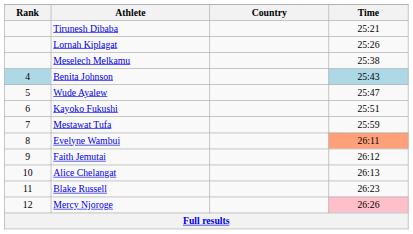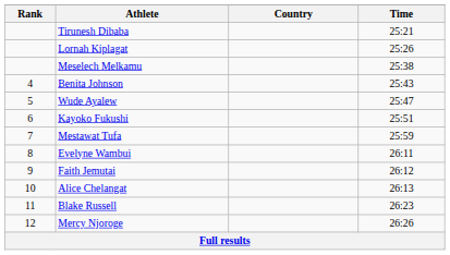 <table class="wikitable sortable" style=" text-align:center; font-size:95%;" width="50%">
 <tr>
 </tr>
 <tr>
 <th width=5%>Rank</th>
 <th width=20%>Athlete</th>
 <th width=15%>Country</th>
 <th width=10%>Time</th>
 </tr>
 <tr>
 <td align=center></td>
 <td align=left><a href='#'>Tirunesh Dibaba</a></td>
 <td align=left></td>
 <td>25:21</td>
 </tr>
 <tr>
 <td align=center></td>
 <td align=left><a href='#'>Lornah Kiplagat</a></td>
 <td align=left></td>
 <td>25:26</td>
 </tr>
 <tr>
 <td align=center></td>
 <td align=left><a href='#'>Meselech Melkamu</a></td>
 <td align=left></td>
 <td>25:38</td>
 </tr>
 <tr>
-<td align=center style="background: lightblue;">4</td>
+<td align=center>4</td>
 <td align=left><a href='#'>Benita Johnson</a></td>
 <td align=left></td>
-<td style="background: lightblue;">25:43</td>
+<td>25:43</td>
 </tr>
 <tr>
 <td align=center>5</td>
 <td align=left><a href='#'>Wude Ayalew</a></td>
 <td align=left></td>
 <td>25:47</td>
 </tr>
 <tr>
 <td align=center>6</td>
 <td align=left><a href='#'>Kayoko Fukushi</a></td>
 <td align=left></td>
 <td>25:51</td>
 </tr>
 <tr>
 <td align=center>7</td>
 <td align=left><a href='#'>Mestawat Tufa</a></td>
 <td align=left></td>
 <td>25:59</td>
 </tr>
 <tr>
 <td align=center>8</td>
 <td align=left><a href='#'>Evelyne Wambui</a></td>
 <td align=left></td>
-<td style="background: lightsalmon;">26:11</td>
+<td>26:11</td>
 </tr>
 <tr>
 <td align=center>9</td>
 <td align=left><a href='#'>Faith Jemutai</a></td>
 <td align=left></td>
 <td>26:12</td>
 </tr>
 <tr>
 <td align=center>10</td>
 <td align=left><a href='#'>Alice Chelangat</a></td>
 <td align=left></td>
 <td>26:13</td>
 </tr>
 <tr>
 <td align=center>11</td>
 <td align=left><a href='#'>Blake Russell</a></td>
 <td align=left></td>
 <td>26:23</td>
 </tr>
 <tr>
 <td align=center>12</td>
 <td align=left><a href='#'>Mercy Njoroge</a></td>
 <td align=left></td>
-<td style="background: pink;">26:26</td>
+<td>26:26</td>
 </tr>
 <tr class="sortbottom">
 <th colspan=4 align=center><a href='#'>Full results</a></th>
 </tr>
 </table>
